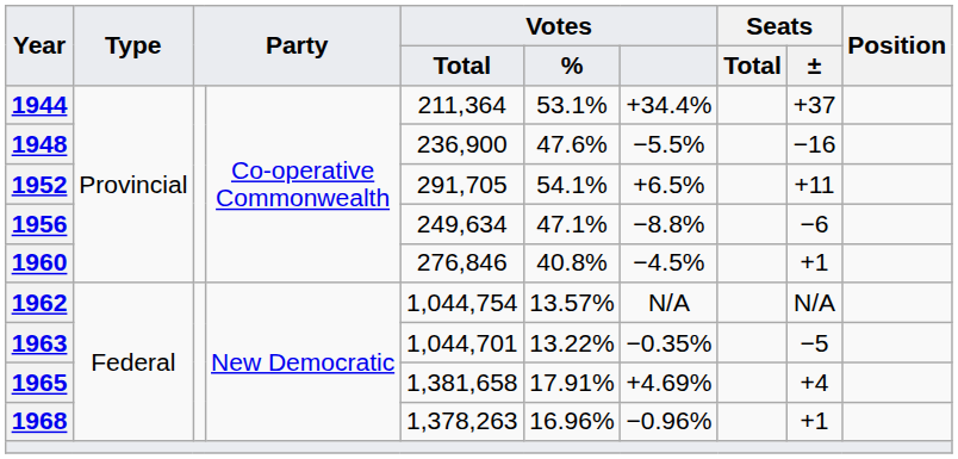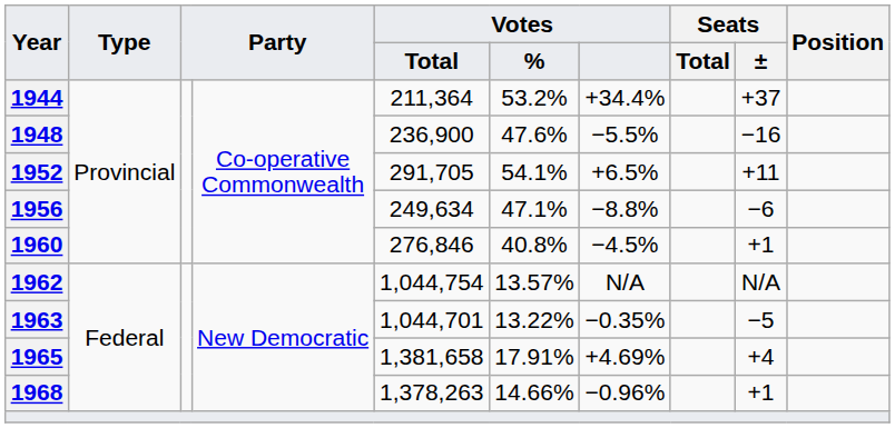 <table class="wikitable" style="font-size:90%; text-align:center;">
 <tr>
 <th rowspan="2" style="background:#eaecf0;">Year</th>
 <th rowspan="2" style="background:#eaecf0;">Type</th>
 <th colspan="2" rowspan="2" style="background:#eaecf0;">Party</th>
 <th colspan="3" style="background:#eaecf0;">Votes</th>
 <th colspan="2">Seats</th>
 <th rowspan="2">Position</th>
 </tr>
 <tr>
 <th style="background:#eaecf0;">Total</th>
 <th style="background:#eaecf0;">%</th>
 <th style="background:#eaecf0;"></th>
 <th>Total</th>
 <th>±</th>
 </tr>
 <tr>
 <th><a href='#'>1944</a></th>
 <td rowspan="5">Provincial</td>
 <td rowspan="5" style="background-color:"></td>
 <td rowspan="5"><a href='#'>Co-operative<br>Commonwealth</a></td>
 <td>211,364</td>
-<td>53.1%</td>
+<td>53.2%</td>
 <td>+34.4%</td>
 <td></td>
 <td>+37</td>
 <td></td>
 </tr>
 <tr>
 <th><a href='#'>1948</a></th>
 <td>236,900</td>
 <td>47.6%</td>
 <td>−5.5%</td>
 <td></td>
 <td>−16</td>
 <td></td>
 </tr>
 <tr>
 <th><a href='#'>1952</a></th>
 <td>291,705</td>
 <td>54.1%</td>
 <td>+6.5%</td>
 <td></td>
 <td>+11</td>
 <td></td>
 </tr>
 <tr>
 <th><a href='#'>1956</a></th>
 <td>249,634</td>
 <td>47.1%</td>
 <td>−8.8%</td>
 <td></td>
 <td>−6</td>
 <td></td>
 </tr>
 <tr>
 <th><a href='#'>1960</a></th>
 <td>276,846</td>
 <td>40.8%</td>
 <td>−4.5%</td>
 <td></td>
 <td>+1</td>
 <td></td>
 </tr>
 <tr>
 <th><a href='#'>1962</a></th>
 <td rowspan="4">Federal</td>
 <td rowspan="4" style="background-color:"></td>
 <td rowspan="4"><a href='#'>New Democratic</a></td>
 <td>1,044,754</td>
 <td>13.57%</td>
 <td>N/A</td>
 <td></td>
 <td>N/A</td>
 <td></td>
 </tr>
 <tr>
 <th><a href='#'>1963</a></th>
 <td>1,044,701</td>
 <td>13.22%</td>
 <td>−0.35%</td>
 <td></td>
 <td>−5</td>
 <td></td>
 </tr>
 <tr>
 <th><a href='#'>1965</a></th>
 <td>1,381,658</td>
 <td>17.91%</td>
 <td>+4.69%</td>
 <td></td>
 <td>+4</td>
 <td></td>
 </tr>
 <tr>
 <th><a href='#'>1968</a></th>
 <td>1,378,263</td>
-<td>16.96%</td>
+<td>14.66%</td>
 <td>−0.96%</td>
 <td></td>
 <td>+1</td>
 <td></td>
 </tr>
 <tr>
 <th colspan="10" style="background:#eaecf0;"></th>
 </tr>
 </table>
